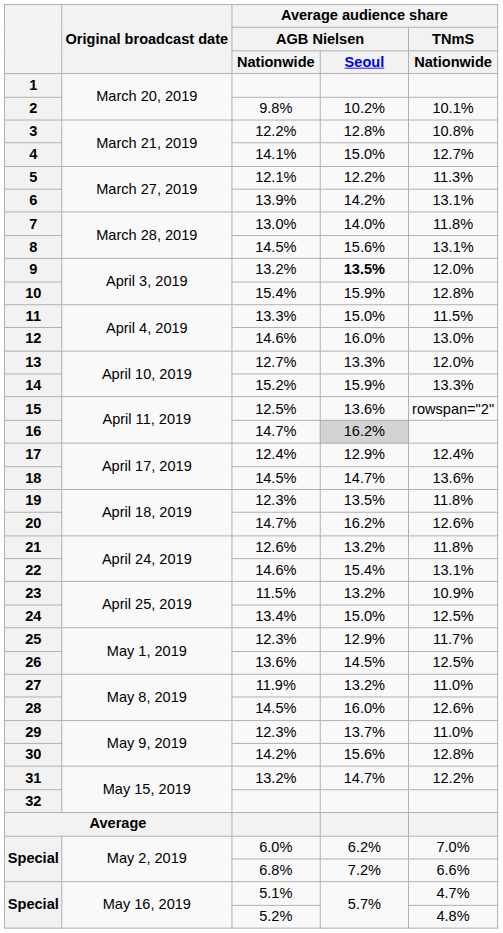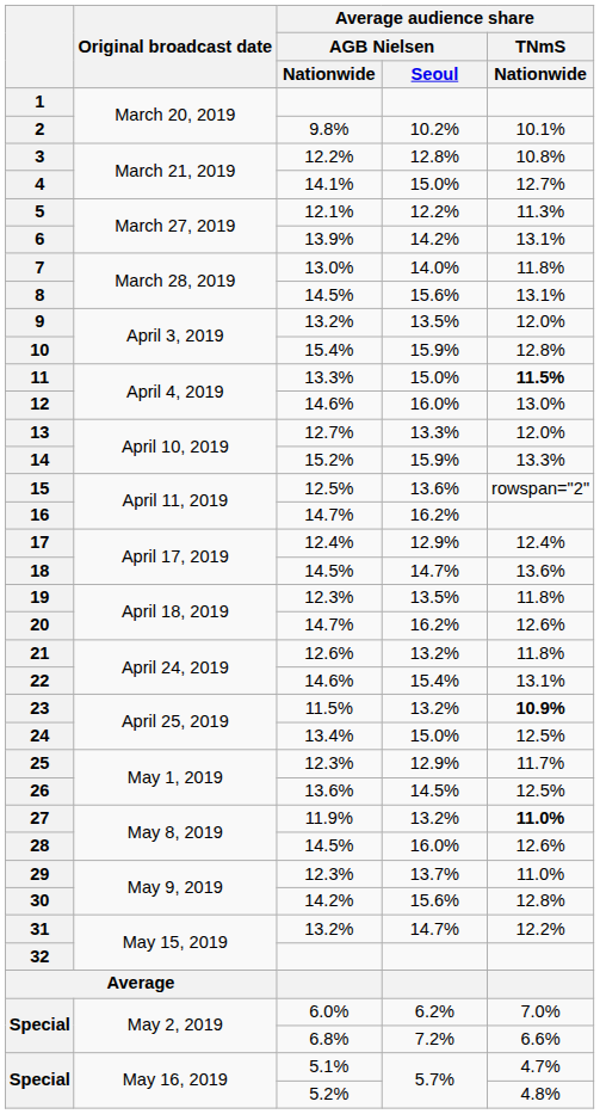 <table class="wikitable" style="text-align:center">
 <tr>
 <th rowspan="3"></th>
 <th rowspan="3">Original broadcast date</th>
 <th colspan="3">Average audience share</th>
 </tr>
 <tr>
 <th colspan="2">AGB Nielsen</th>
 <th colspan="1">TNmS</th>
 </tr>
 <tr>
 <th width="90">Nationwide</th>
 <th width="90"><a href='#'>Seoul</a></th>
 <th width="90">Nationwide</th>
 </tr>
 <tr>
 <th>1</th>
 <td rowspan="2">March 20, 2019</td>
 <td> </td>
 <td> </td>
 <td></td>
 </tr>
 <tr>
 <th>2</th>
 <td>9.8% </td>
 <td>10.2% </td>
 <td>10.1%</td>
 </tr>
 <tr>
 <th>3</th>
 <td rowspan="2">March 21, 2019</td>
 <td>12.2% </td>
 <td>12.8% </td>
 <td>10.8%</td>
 </tr>
 <tr>
 <th>4</th>
 <td>14.1% </td>
 <td>15.0% </td>
 <td>12.7%</td>
 </tr>
 <tr>
 <th>5</th>
 <td rowspan="2">March 27, 2019</td>
 <td>12.1% </td>
 <td>12.2% </td>
 <td>11.3%</td>
 </tr>
 <tr>
 <th>6</th>
 <td>13.9% </td>
 <td>14.2% </td>
 <td>13.1%</td>
 </tr>
 <tr>
 <th>7</th>
 <td rowspan="2">March 28, 2019</td>
 <td>13.0% </td>
 <td>14.0% </td>
 <td>11.8%</td>
 </tr>
 <tr>
 <th>8</th>
 <td>14.5% </td>
 <td>15.6% </td>
 <td>13.1%</td>
 </tr>
 <tr>
 <th>9</th>
 <td rowspan="2">April 3, 2019</td>
 <td>13.2% </td>
-<td><strong>13.5% </strong></td>
+<td>13.5% </td>
 <td>12.0%</td>
 </tr>
 <tr>
 <th>10</th>
 <td>15.4% </td>
 <td>15.9% </td>
 <td>12.8%</td>
 </tr>
 <tr>
 <th>11</th>
 <td rowspan="2">April 4, 2019</td>
 <td>13.3% </td>
 <td>15.0% </td>
-<td>11.5%</td>
+<td><strong>11.5%</strong></td>
 </tr>
 <tr>
 <th>12</th>
 <td>14.6% </td>
 <td>16.0% </td>
 <td>13.0%</td>
 </tr>
 <tr>
 <th>13</th>
 <td rowspan="2">April 10, 2019</td>
 <td>12.7% </td>
 <td>13.3% </td>
 <td>12.0%</td>
 </tr>
 <tr>
 <th>14</th>
 <td>15.2% </td>
 <td>15.9% </td>
 <td>13.3%</td>
 </tr>
 <tr>
 <th>15</th>
 <td rowspan="2">April 11, 2019</td>
 <td>12.5% </td>
 <td>13.6% </td>
 <td>rowspan="2" </td>
 </tr>
 <tr>
 <th>16</th>
 <td>14.7% </td>
-<td style="background: lightgrey;">16.2% </td>
+<td>16.2% </td>
 </tr>
 <tr>
 <th>17</th>
 <td rowspan="2">April 17, 2019</td>
 <td>12.4% </td>
 <td>12.9% </td>
 <td>12.4%</td>
 </tr>
 <tr>
 <th>18</th>
 <td>14.5% </td>
 <td>14.7% </td>
 <td>13.6%</td>
 </tr>
 <tr>
 <th>19</th>
 <td rowspan="2">April 18, 2019</td>
 <td>12.3% </td>
 <td>13.5% </td>
 <td>11.8%</td>
 </tr>
 <tr>
 <th>20</th>
 <td>14.7% </td>
 <td>16.2% </td>
 <td>12.6%</td>
 </tr>
 <tr>
 <th>21</th>
 <td rowspan="2">April 24, 2019</td>
 <td>12.6% </td>
 <td>13.2% </td>
 <td>11.8%</td>
 </tr>
 <tr>
 <th>22</th>
 <td>14.6% </td>
 <td>15.4% </td>
 <td>13.1%</td>
 </tr>
 <tr>
 <th>23</th>
 <td rowspan="2">April 25, 2019</td>
 <td>11.5% </td>
 <td>13.2% </td>
-<td>10.9%</td>
+<td><strong>10.9%</strong></td>
 </tr>
 <tr>
 <th>24</th>
 <td>13.4% </td>
 <td>15.0% </td>
 <td>12.5%</td>
 </tr>
 <tr>
 <th>25</th>
 <td rowspan="2">May 1, 2019</td>
 <td>12.3% </td>
 <td>12.9% </td>
 <td>11.7%</td>
 </tr>
 <tr>
 <th>26</th>
 <td>13.6% </td>
 <td>14.5% </td>
 <td>12.5%</td>
 </tr>
 <tr>
 <th>27</th>
 <td rowspan="2">May 8, 2019</td>
 <td>11.9% </td>
 <td>13.2% </td>
-<td>11.0%</td>
+<td><strong>11.0%</strong></td>
 </tr>
 <tr>
 <th>28</th>
 <td>14.5% </td>
 <td>16.0% </td>
 <td>12.6%</td>
 </tr>
 <tr>
 <th>29</th>
 <td rowspan="2">May 9, 2019</td>
 <td>12.3% </td>
 <td>13.7% </td>
 <td>11.0%</td>
 </tr>
 <tr>
 <th>30</th>
 <td>14.2% </td>
 <td>15.6% </td>
 <td>12.8%</td>
 </tr>
 <tr>
 <th>31</th>
 <td rowspan="2">May 15, 2019</td>
 <td>13.2% </td>
 <td>14.7% </td>
 <td>12.2%</td>
 </tr>
 <tr>
 <th>32</th>
 <td> </td>
 <td> </td>
 <td></td>
 </tr>
 <tr>
 <th colspan="2">Average</th>
 <th></th>
 <th></th>
 <th></th>
 </tr>
 <tr>
 <th rowspan="2">Special</th>
 <td rowspan="2">May 2, 2019</td>
 <td>6.0% </td>
 <td>6.2% </td>
 <td>7.0%</td>
 </tr>
 <tr>
 <td>6.8% </td>
 <td>7.2% </td>
 <td>6.6%</td>
 </tr>
 <tr>
 <th rowspan="2">Special</th>
 <td rowspan="2">May 16, 2019</td>
 <td>5.1% </td>
 <td rowspan="2">5.7% </td>
 <td>4.7%</td>
 </tr>
 <tr>
 <td>5.2% </td>
 <td>4.8%</td>
 </tr>
 </table>
